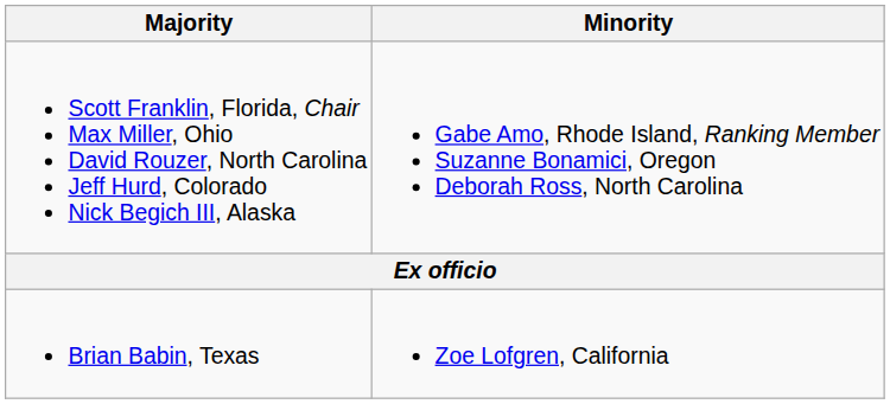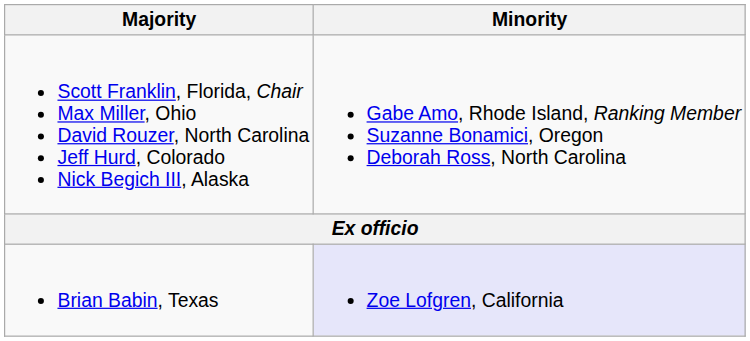 <table class=wikitable>
 <tr>
 <th>Majority</th>
 <th>Minority</th>
 </tr>
 <tr>
 <td><br><ul><li><a href='#'>Scott Franklin</a>, Florida, <em>Chair</em></li><li><a href='#'>Max Miller</a>, Ohio</li><li><a href='#'>David Rouzer</a>, North Carolina</li><li><a href='#'>Jeff Hurd</a>, Colorado</li><li><a href='#'>Nick Begich III</a>, Alaska</li></ul></td>
 <td><br><ul><li><a href='#'>Gabe Amo</a>, Rhode Island, <em>Ranking Member</em></li><li><a href='#'>Suzanne Bonamici</a>, Oregon</li><li><a href='#'>Deborah Ross</a>, North Carolina</li></ul></td>
 </tr>
 <tr>
 <th colspan=2><em>Ex officio</em></th>
 </tr>
 <tr>
 <td><br><ul><li><a href='#'>Brian Babin</a>, Texas</li></ul></td>
-<td><br><ul><li><a href='#'>Zoe Lofgren</a>, California</li></ul></td>
+<td style="background: lavender;"><br><ul><li><a href='#'>Zoe Lofgren</a>, California</li></ul></td>
 </tr>
 </table>
